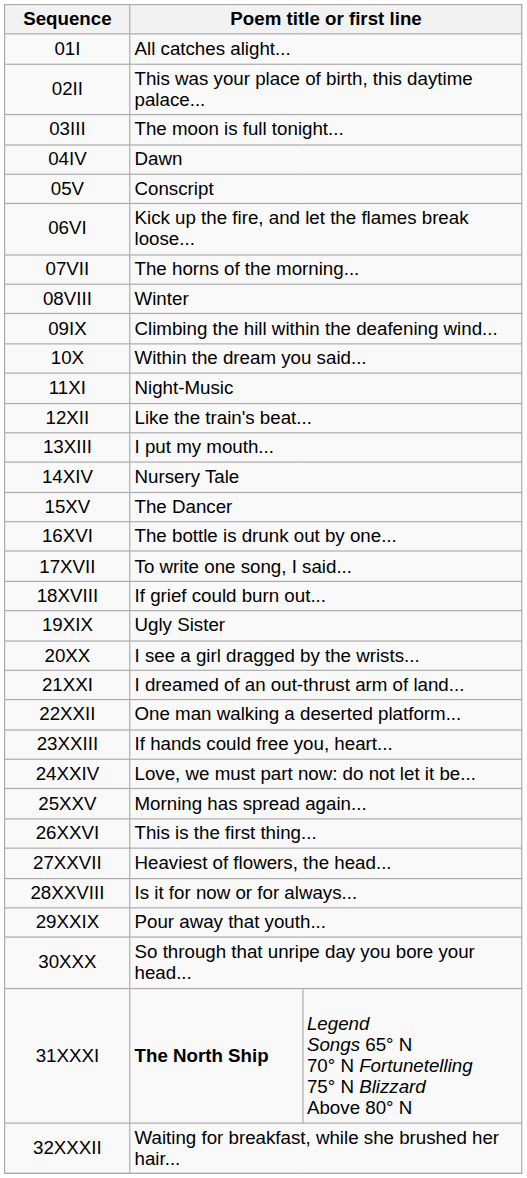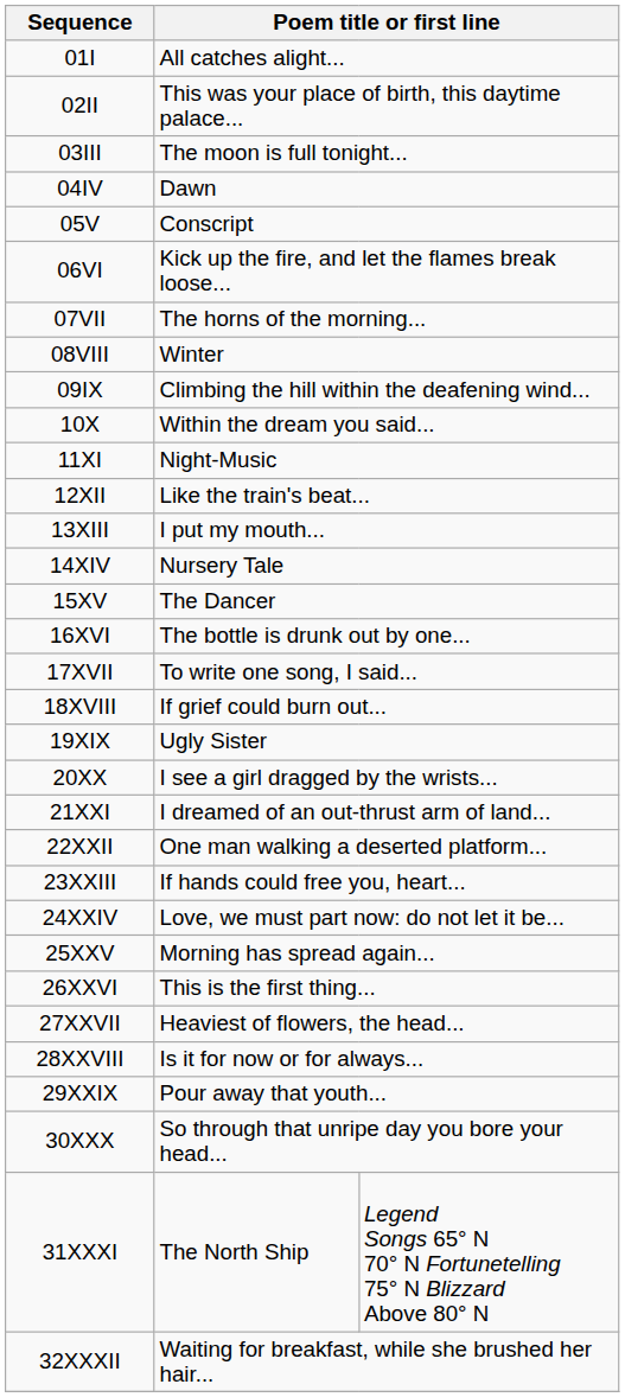 <table class="wikitable sortable">
 <tr>
 <th>Sequence</th>
 <th colspan="2">Poem title or first line</th>
 </tr>
 <tr>
 <td width= "100" align="center"><span>01</span>I</td>
 <td colspan="2" width= "250">All catches alight...</td>
 </tr>
 <tr>
 <td align="center"><span>02</span>II</td>
 <td colspan="2">This was your place of birth, this daytime palace...</td>
 </tr>
 <tr>
 <td align="center"><span>03</span>III</td>
 <td colspan="2">The moon is full tonight...</td>
 </tr>
 <tr>
 <td align="center"><span>04</span>IV</td>
 <td colspan="2">Dawn</td>
 </tr>
 <tr>
 <td align="center"><span>05</span>V</td>
 <td colspan="2">Conscript</td>
 </tr>
 <tr>
 <td align="center"><span>06</span>VI</td>
 <td colspan="2">Kick up the fire, and let the flames break loose...</td>
 </tr>
 <tr>
 <td align="center"><span>07</span>VII</td>
 <td colspan="2">The horns of the morning...</td>
 </tr>
 <tr>
 <td align="center"><span>08</span>VIII</td>
 <td colspan="2">Winter</td>
 </tr>
 <tr>
 <td align="center"><span>09</span>IX</td>
 <td colspan="2">Climbing the hill within the deafening wind...</td>
 </tr>
 <tr>
 <td align="center"><span>10</span>X</td>
 <td colspan="2">Within the dream you said...</td>
 </tr>
 <tr>
 <td align="center"><span>11</span>XI</td>
 <td colspan="2">Night-Music</td>
 </tr>
 <tr>
 <td align="center"><span>12</span>XII</td>
 <td colspan="2">Like the train's beat...</td>
 </tr>
 <tr>
 <td align="center"><span>13</span>XIII</td>
 <td colspan="2">I put my mouth...</td>
 </tr>
 <tr>
 <td align="center"><span>14</span>XIV</td>
 <td colspan="2">Nursery Tale</td>
 </tr>
 <tr>
 <td align="center"><span>15</span>XV</td>
 <td colspan="2">The Dancer</td>
 </tr>
 <tr>
 <td align="center"><span>16</span>XVI</td>
 <td colspan="2">The bottle is drunk out by one...</td>
 </tr>
 <tr>
 <td align="center"><span>17</span>XVII</td>
 <td colspan="2">To write one song, I said...</td>
 </tr>
 <tr>
 <td align="center"><span>18</span>XVIII</td>
 <td colspan="2">If grief could burn out...</td>
 </tr>
 <tr>
 <td align="center"><span>19</span>XIX</td>
 <td colspan="2">Ugly Sister</td>
 </tr>
 <tr>
 <td align="center"><span>20</span>XX</td>
 <td colspan="2">I see a girl dragged by the wrists...</td>
 </tr>
 <tr>
 <td align="center"><span>21</span>XXI</td>
 <td colspan="2">I dreamed of an out-thrust arm of land...</td>
 </tr>
 <tr>
 <td align="center"><span>22</span>XXII</td>
 <td colspan="2">One man walking a deserted platform...</td>
 </tr>
 <tr>
 <td align="center"><span>23</span>XXIII</td>
 <td colspan="2">If hands could free you, heart...</td>
 </tr>
 <tr>
 <td align="center"><span>24</span>XXIV</td>
 <td colspan="2">Love, we must part now: do not let it be...</td>
 </tr>
 <tr>
 <td align="center"><span>25</span>XXV</td>
 <td colspan="2">Morning has spread again...</td>
 </tr>
 <tr>
 <td align="center"><span>26</span>XXVI</td>
 <td colspan="2">This is the first thing...</td>
 </tr>
 <tr>
 <td align="center"><span>27</span>XXVII</td>
 <td colspan="2">Heaviest of flowers, the head...</td>
 </tr>
 <tr>
 <td align="center"><span>28</span>XXVIII</td>
 <td colspan="2">Is it for now or for always...</td>
 </tr>
 <tr>
 <td align="center"><span>29</span>XXIX</td>
 <td colspan="2">Pour away that youth...</td>
 </tr>
 <tr>
 <td align="center"><span>30</span>XXX</td>
 <td colspan="2">So through that unripe day you bore your head...</td>
 </tr>
 <tr>
 <td align="center"><span>31</span>XXXI</td>
-<td width= "140"><strong>The North Ship</strong></td>
+<td width= "140">The North Ship</td>
 <td width= "180"><br><em>Legend</em> <br><em>Songs</em> 65° N <br>70° N <em>Fortunetelling</em> <br>75° N <em>Blizzard</em> <br>Above 80° N</td>
 </tr>
 <tr>
 <td align="center"><span>32</span>XXXII</td>
 <td colspan="2">Waiting for breakfast, while she brushed her hair...</td>
 </tr>
 <tr>
 </tr>
 </table>
